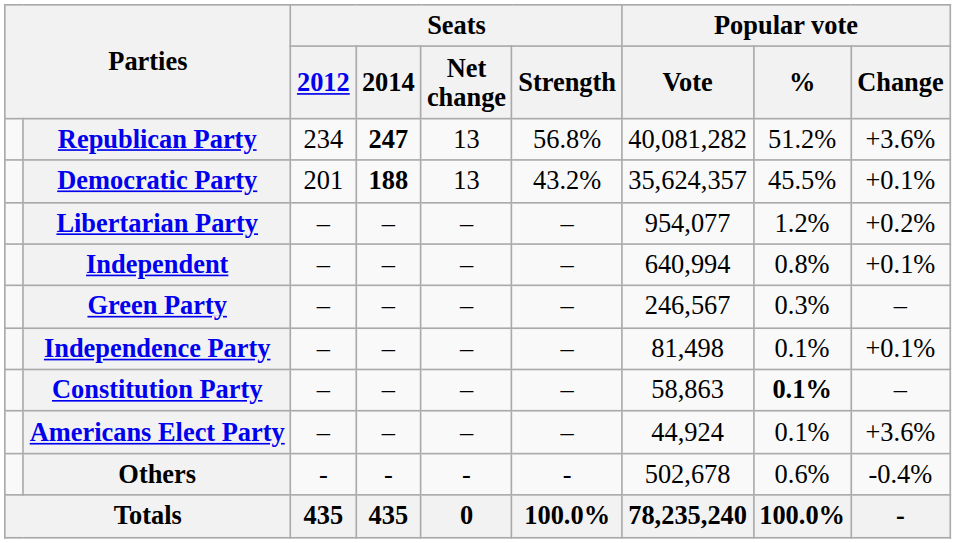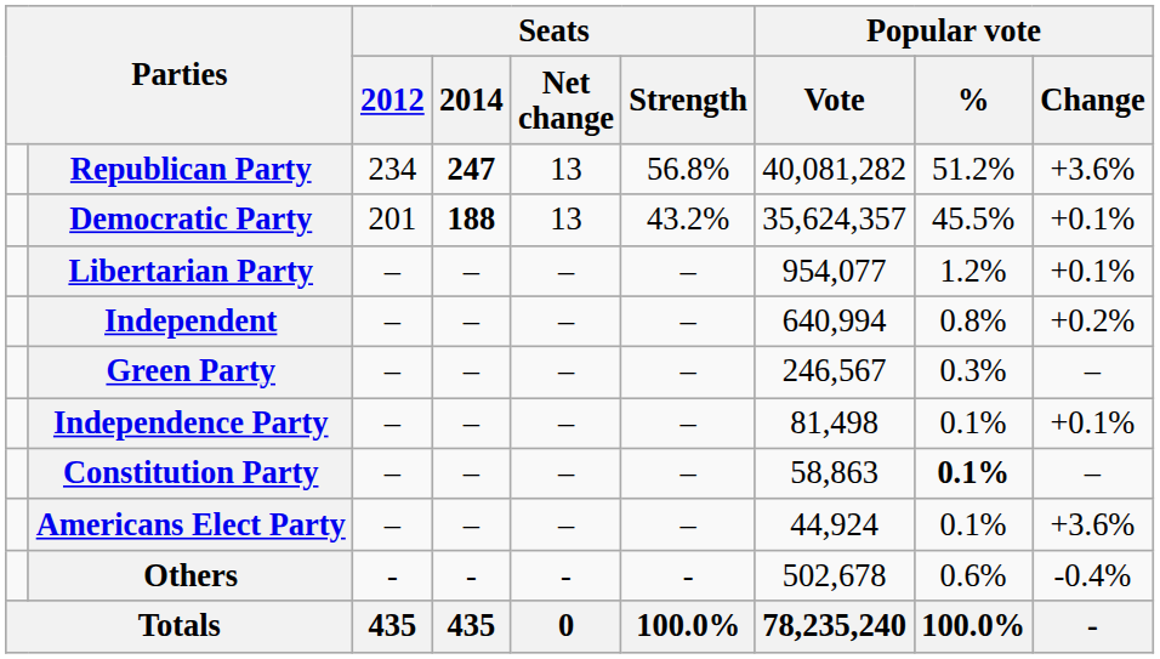 <table class=wikitable style="text-align:center">
 <tr>
 <th rowspan=2 colspan=2>Parties</th>
 <th colspan=4>Seats</th>
 <th colspan=3>Popular vote</th>
 </tr>
 <tr style="background:#e9e9e9;">
 <th><a href='#'>2012</a></th>
 <th>2014</th>
 <th>Net<br>change</th>
 <th>Strength</th>
 <th>Vote</th>
 <th>%</th>
 <th>Change</th>
 </tr>
 <tr>
 <td style="background-color:"> </td>
 <th><a href='#'>Republican Party</a></th>
 <td>234</td>
 <td><strong>247</strong></td>
 <td> 13</td>
 <td>56.8%</td>
 <td>40,081,282</td>
 <td>51.2%</td>
 <td>+3.6%</td>
 </tr>
 <tr>
 <td style="background-color:"> </td>
 <th><a href='#'>Democratic Party</a></th>
 <td>201</td>
 <td><strong>188</strong></td>
 <td> 13</td>
 <td>43.2%</td>
 <td>35,624,357</td>
 <td>45.5%</td>
 <td>+0.1%</td>
 </tr>
 <tr>
 <td style="background-color:"> </td>
 <th><a href='#'>Libertarian Party</a></th>
 <td>–</td>
 <td>–</td>
 <td>–</td>
 <td>–</td>
 <td>954,077</td>
 <td>1.2%</td>
-<td>+0.2%</td>
+<td>+0.1%</td>
 </tr>
 <tr>
 <td style="background-color:"> </td>
 <th><a href='#'>Independent</a></th>
 <td>–</td>
 <td>–</td>
 <td>–</td>
 <td>–</td>
 <td>640,994</td>
 <td>0.8%</td>
-<td>+0.1%</td>
+<td>+0.2%</td>
 </tr>
 <tr>
 <td style="background-color:"> </td>
 <th><a href='#'>Green Party</a></th>
 <td>–</td>
 <td>–</td>
 <td>–</td>
 <td>–</td>
 <td>246,567</td>
 <td>0.3%</td>
 <td>–</td>
 </tr>
 <tr>
 <td style="background-color:"> </td>
 <th><a href='#'>Independence Party</a></th>
 <td>–</td>
 <td>–</td>
 <td>–</td>
 <td>–</td>
 <td>81,498</td>
 <td>0.1%</td>
 <td>+0.1%</td>
 </tr>
 <tr>
 <td style="background-color:"> </td>
 <th><a href='#'>Constitution Party</a></th>
 <td>–</td>
 <td>–</td>
 <td>–</td>
 <td>–</td>
 <td>58,863</td>
 <td><strong>0.1%</strong></td>
 <td>–</td>
 </tr>
 <tr>
 <td style="background-color:"> </td>
 <th><a href='#'>Americans Elect Party</a></th>
 <td>–</td>
 <td>–</td>
 <td>–</td>
 <td>–</td>
 <td>44,924</td>
 <td>0.1%</td>
 <td>+3.6%</td>
 </tr>
 <tr>
 <td style="background-color:"> </td>
 <th>Others</th>
 <td>-</td>
 <td>-</td>
 <td>-</td>
 <td>-</td>
 <td>502,678</td>
 <td>0.6%</td>
 <td>-0.4%</td>
 </tr>
 <tr>
 <th colspan="2">Totals</th>
 <th>435</th>
 <th>435</th>
 <th>0</th>
 <th>100.0%</th>
 <th>78,235,240</th>
 <th>100.0%</th>
 <th>-</th>
 </tr>
 </table>
